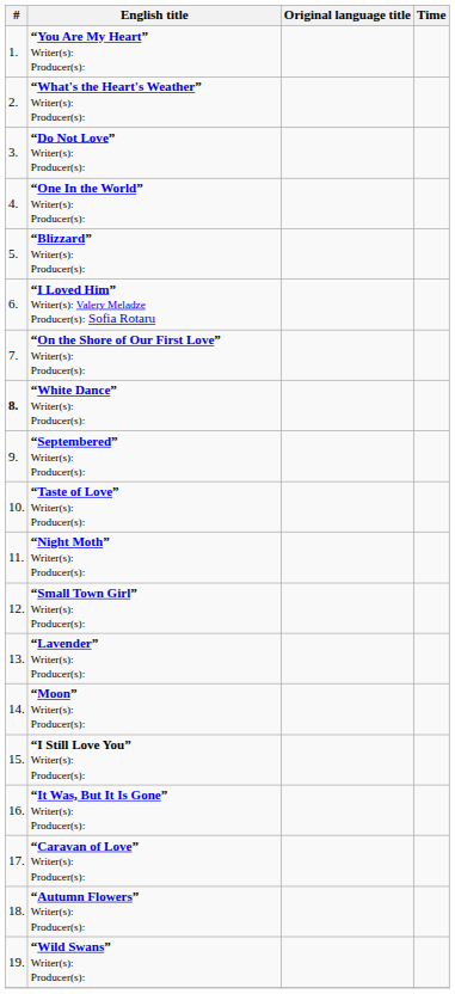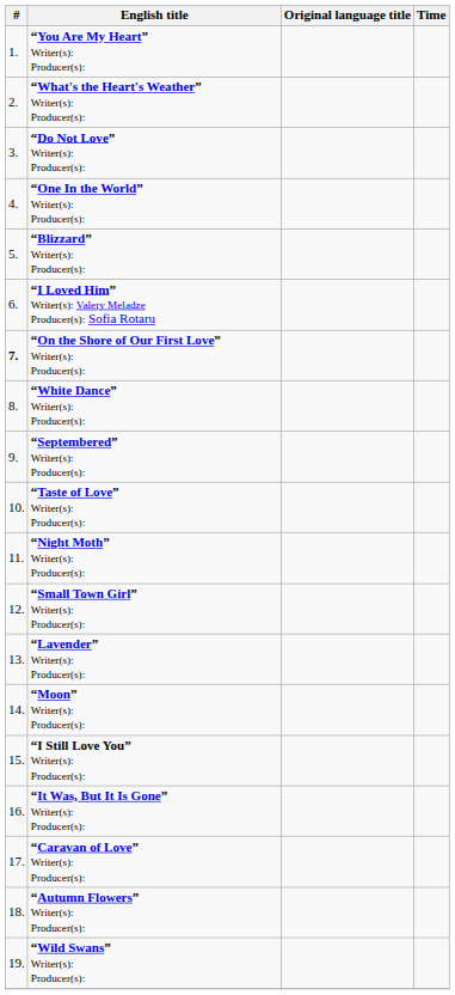 <table class="wikitable">
 <tr>
 <th>#</th>
 <th width="300">English title</th>
 <th>Original language title</th>
 <th>Time</th>
 </tr>
 <tr>
 <td>1.</td>
 <td><strong>“<a href='#'>You Are My Heart</a>”</strong><br><small>Writer(s):</small> <br><small>Producer(s):</small></td>
 <td></td>
 <td></td>
 </tr>
 <tr>
 <td>2.</td>
 <td><strong>“<a href='#'>What's the Heart's Weather</a>”</strong><br><small>Writer(s):</small> <br><small>Producer(s):</small></td>
 <td></td>
 <td></td>
 </tr>
 <tr>
 <td>3.</td>
 <td><strong>“<a href='#'>Do Not Love</a>”</strong><br><small>Writer(s):</small> <br><small>Producer(s):</small></td>
 <td></td>
 <td></td>
 </tr>
 <tr>
 <td>4.</td>
 <td><strong>“<a href='#'>One In the World</a>”</strong><br><small>Writer(s):</small> <br><small>Producer(s):</small></td>
 <td></td>
 <td></td>
 </tr>
 <tr>
 <td>5.</td>
 <td><strong>“<a href='#'>Blizzard</a>”</strong><br><small>Writer(s):</small> <br><small>Producer(s):</small></td>
 <td></td>
 <td></td>
 </tr>
 <tr>
 <td>6.</td>
 <td><strong>“<a href='#'>I Loved Him</a>”</strong><br><small>Writer(s): <a href='#'>Valery Meladze</a></small><br><small>Producer(s):</small> <a href='#'>Sofia Rotaru</a></td>
 <td></td>
 <td></td>
 </tr>
 <tr>
-<td>7.</td>
+<td><strong>7.</strong></td>
 <td><strong>“<a href='#'>On the Shore of Our First Love</a>”</strong><br><small>Writer(s):</small> <br><small>Producer(s):</small></td>
 <td></td>
 <td></td>
 </tr>
 <tr>
-<td><strong>8.</strong></td>
+<td>8.</td>
 <td><strong>“<a href='#'>White Dance</a>”</strong><br><small>Writer(s):</small> <br><small>Producer(s):</small></td>
 <td></td>
 <td></td>
 </tr>
 <tr>
 <td>9.</td>
 <td><strong>“<a href='#'>Septembered</a>”</strong><br><small>Writer(s):</small> <br><small>Producer(s):</small></td>
 <td></td>
 <td></td>
 </tr>
 <tr>
 <td>10.</td>
 <td><strong>“<a href='#'>Taste of Love</a>”</strong><br><small>Writer(s):</small> <br><small>Producer(s):</small></td>
 <td></td>
 <td></td>
 </tr>
 <tr>
 <td>11.</td>
 <td><strong>“<a href='#'>Night Moth</a>”</strong><br><small>Writer(s):</small> <br><small>Producer(s):</small></td>
 <td></td>
 <td></td>
 </tr>
 <tr>
 <td>12.</td>
 <td><strong>“<a href='#'>Small Town Girl</a>”</strong><br><small>Writer(s):</small> <br><small>Producer(s):</small></td>
 <td></td>
 <td></td>
 </tr>
 <tr>
 <td>13.</td>
 <td><strong>“<a href='#'>Lavender</a>”</strong><br><small>Writer(s):</small> <br><small>Producer(s):</small></td>
 <td></td>
 <td></td>
 </tr>
 <tr>
 <td>14.</td>
 <td><strong>“<a href='#'>Moon</a>”</strong><br><small>Writer(s):</small> <br><small>Producer(s):</small></td>
 <td></td>
 <td></td>
 </tr>
 <tr>
 <td>15.</td>
 <td><strong>“I Still Love You”</strong><br><small>Writer(s):</small> <br><small>Producer(s):</small></td>
 <td></td>
 <td></td>
 </tr>
 <tr>
 <td>16.</td>
 <td><strong>“<a href='#'>It Was, But It Is Gone</a>”</strong><br><small>Writer(s):</small> <br><small>Producer(s):</small></td>
 <td></td>
 <td></td>
 </tr>
 <tr>
 <td>17.</td>
 <td><strong>“<a href='#'>Caravan of Love</a>”</strong><br><small>Writer(s):</small> <br><small>Producer(s):</small></td>
 <td></td>
 <td></td>
 </tr>
 <tr>
 <td>18.</td>
 <td><strong>“<a href='#'>Autumn Flowers</a>”</strong><br><small>Writer(s):</small> <br><small>Producer(s):</small></td>
 <td></td>
 <td></td>
 </tr>
 <tr>
 <td>19.</td>
 <td><strong>“<a href='#'>Wild Swans</a>”</strong><br><small>Writer(s):</small> <br><small>Producer(s):</small></td>
 <td></td>
 <td></td>
 </tr>
 <tr>
 </tr>
 </table>
